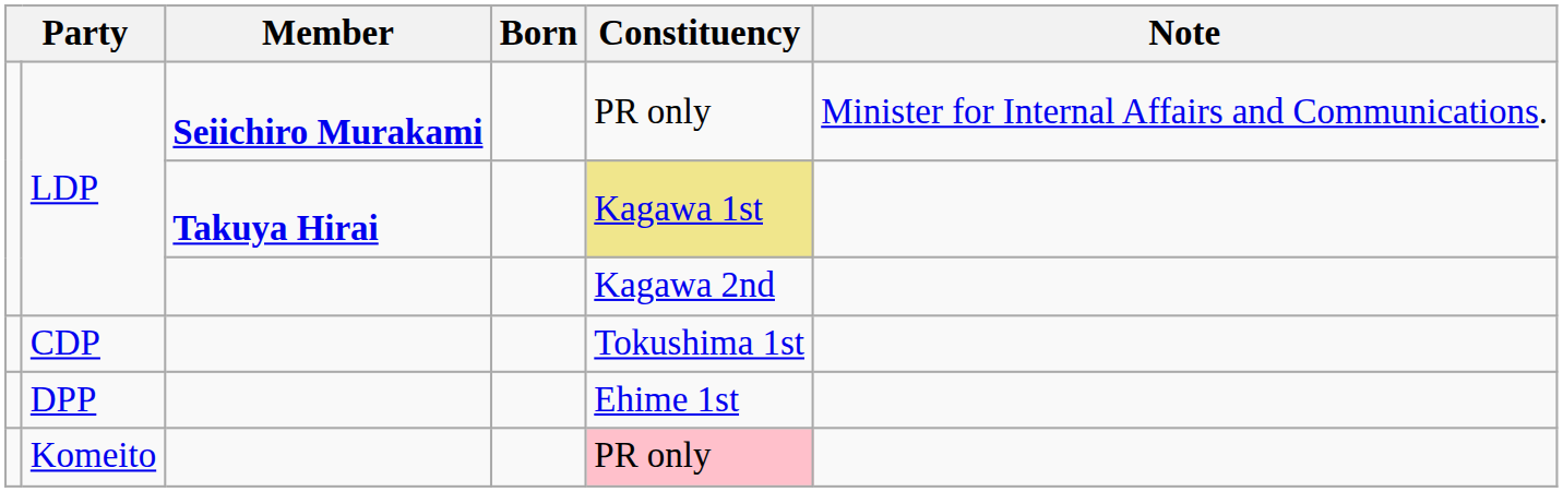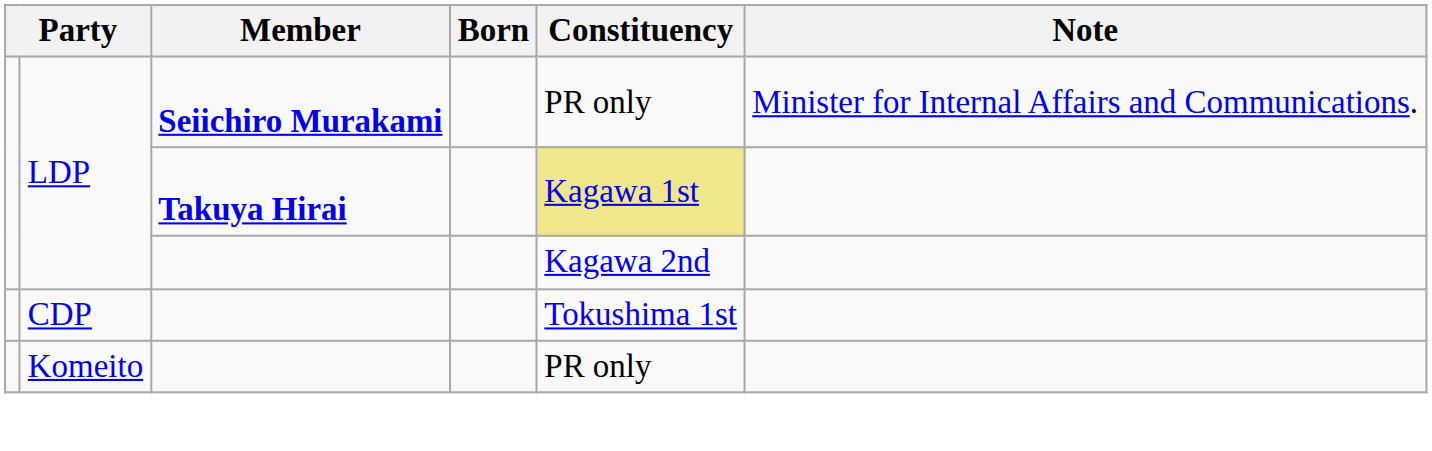 <table class="wikitable">
 <tr>
 <th colspan=2>Party</th>
 <th>Member</th>
 <th>Born</th>
 <th>Constituency</th>
 <th>Note</th>
 </tr>
 <tr>
 <td rowspan=3 style="background-color:"></td>
 <td rowspan=3><a href='#'>LDP</a></td>
 <td><br><strong><a href='#'>Seiichiro Murakami</a></strong></td>
 <td></td>
 <td>PR only</td>
 <td><a href='#'>Minister for Internal Affairs and Communications</a>.</td>
 </tr>
 <tr>
 <td><br><strong><a href='#'>Takuya Hirai</a></strong></td>
 <td></td>
 <td style="background: khaki;"><a href='#'>Kagawa 1st</a></td>
 <td></td>
 </tr>
 <tr>
 <td><br><strong></strong></td>
 <td></td>
 <td><a href='#'>Kagawa 2nd</a></td>
 <td></td>
 </tr>
 <tr>
 <td style="background-color:"></td>
 <td><a href='#'>CDP</a></td>
 <td><strong></strong></td>
 <td></td>
 <td><a href='#'>Tokushima 1st</a></td>
 <td></td>
 </tr>
 <tr>
 <td style="background-color:"></td>
-<td><a href='#'>DPP</a></td>
-<td><strong></strong></td>
-<td></td>
-<td><a href='#'>Ehime 1st</a></td>
-<td></td>
-</tr>
-<tr>
-<td style="background-color:"></td>
 <td><a href='#'>Komeito</a></td>
 <td><strong></strong></td>
 <td></td>
-<td style="background: pink;">PR only</td>
+<td>PR only</td>
 <td></td>
 </tr>
 </table>
